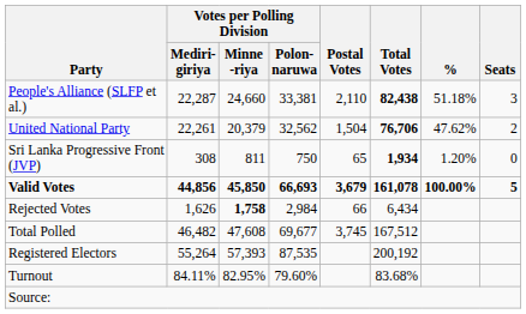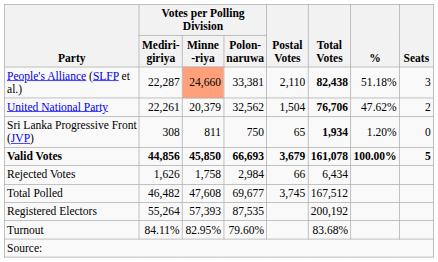 <table class="wikitable" border="1" style="text-align:right;">
 <tr>
 <th align=left valign=bottom rowspan=2 width="180">Party</th>
 <th colspan=3>Votes per Polling Division</th>
 <th align=center valign=bottom rowspan=2 width="50">Postal<br>Votes</th>
 <th align=center valign=bottom rowspan=2 width="50">Total Votes</th>
 <th align=center valign=bottom rowspan=2 width="50">%</th>
 <th align=center valign=bottom rowspan=2 width="40">Seats</th>
 </tr>
 <tr>
 <th align=center valign=bottom width="50">Mediri-<br>giriya</th>
 <th align=center valign=bottom width="50">Minne<br>-riya</th>
 <th align=center valign=bottom width="50">Polon-<br>naruwa</th>
 </tr>
 <tr>
 <td align=left><a href='#'>People's Alliance</a> (<a href='#'>SLFP</a> et al.)</td>
 <td>22,287</td>
-<td>24,660</td>
+<td style="background: lightsalmon;">24,660</td>
 <td>33,381</td>
 <td>2,110</td>
 <td><strong>82,438</strong></td>
 <td>51.18%</td>
 <td>3</td>
 </tr>
 <tr>
 <td align=left><a href='#'>United National Party</a></td>
 <td>22,261</td>
 <td>20,379</td>
 <td>32,562</td>
 <td>1,504</td>
 <td><strong>76,706</strong></td>
 <td>47.62%</td>
 <td>2</td>
 </tr>
 <tr>
 <td align=left>Sri Lanka Progressive Front (<a href='#'>JVP</a>)</td>
 <td>308</td>
 <td>811</td>
 <td>750</td>
 <td>65</td>
 <td><strong>1,934</strong></td>
 <td>1.20%</td>
 <td>0</td>
 </tr>
 <tr>
 <td align=left><strong>Valid Votes</strong></td>
 <td><strong>44,856</strong></td>
 <td><strong>45,850</strong></td>
 <td><strong>66,693</strong></td>
 <td><strong>3,679</strong></td>
 <td><strong>161,078</strong></td>
 <td><strong>100.00%</strong></td>
 <td><strong>5</strong></td>
 </tr>
 <tr>
 <td align=left>Rejected Votes</td>
 <td>1,626</td>
-<td><strong>1,758</strong></td>
+<td>1,758</td>
 <td>2,984</td>
 <td>66</td>
 <td>6,434</td>
 <td></td>
 <td></td>
 </tr>
 <tr>
 <td align=left>Total Polled</td>
 <td>46,482</td>
 <td>47,608</td>
 <td>69,677</td>
 <td>3,745</td>
 <td>167,512</td>
 <td></td>
 <td></td>
 </tr>
 <tr>
 <td align=left>Registered Electors</td>
 <td>55,264</td>
 <td>57,393</td>
 <td>87,535</td>
 <td></td>
 <td>200,192</td>
 <td></td>
 <td></td>
 </tr>
 <tr>
 <td align=left>Turnout</td>
 <td>84.11%</td>
 <td>82.95%</td>
 <td>79.60%</td>
 <td></td>
 <td>83.68%</td>
 <td></td>
 <td></td>
 </tr>
 <tr>
 <td align=left colspan=9>Source:</td>
 </tr>
 </table>
